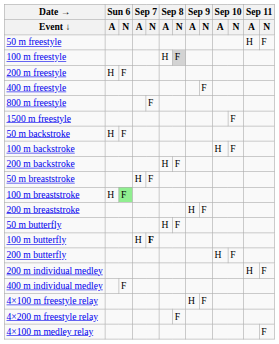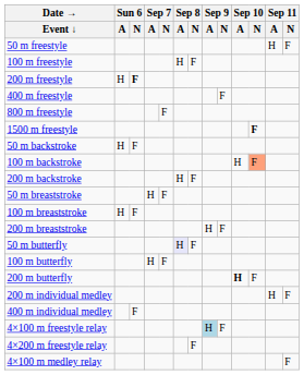 <table class="wikitable swimming-schedule">
 <tr>
 <th>Date →</th>
 <th colspan="2">Sun 6</th>
 <th colspan="2">Sep 7</th>
 <th colspan="2">Sep 8</th>
 <th colspan="2">Sep 9</th>
 <th colspan="2">Sep 10</th>
 <th colspan="2">Sep 11</th>
 </tr>
 <tr>
 <th>Event   ↓</th>
 <th>A</th>
 <th>N</th>
 <th>A</th>
 <th>N</th>
 <th>A</th>
 <th>N</th>
 <th>A</th>
 <th>N</th>
 <th>A</th>
 <th>N</th>
 <th>A</th>
 <th>N</th>
 </tr>
 <tr>
 <td class="event"><a href='#'>50 m freestyle</a></td>
 <td colspan=2></td>
 <td colspan=2></td>
 <td colspan=2></td>
 <td colspan=2></td>
 <td colspan=2></td>
 <td class="heats">H</td>
 <td class="final">F</td>
 </tr>
 <tr>
 <td class="event"><a href='#'>100 m freestyle</a></td>
 <td colspan=2></td>
 <td colspan=2></td>
 <td class="heats">H</td>
-<td class="final" style="background: lightgrey;">F</td>
+<td class="final">F</td>
 <td colspan=2></td>
 <td colspan=2></td>
 <td colspan=2></td>
 </tr>
 <tr>
 <td class="event"><a href='#'>200 m freestyle</a></td>
 <td class="heats">H</td>
-<td class="final">F</td>
+<td class="final"><strong>F</strong></td>
 <td colspan=2></td>
 <td colspan=2></td>
 <td colspan=2></td>
 <td colspan=2></td>
 <td colspan=2></td>
 </tr>
 <tr>
 <td class="event"><a href='#'>400 m freestyle</a></td>
 <td colspan=2></td>
 <td colspan=2></td>
 <td colspan=2></td>
 <td></td>
 <td class="final">F</td>
 <td colspan=2></td>
 <td colspan=2></td>
 </tr>
 <tr>
 <td class="event"><a href='#'>800 m freestyle</a></td>
 <td colspan=2></td>
 <td></td>
 <td class="final">F</td>
 <td colspan=2></td>
 <td colspan=2></td>
 <td colspan=2></td>
 <td colspan=2></td>
 </tr>
 <tr>
 <td class="event"><a href='#'>1500 m freestyle</a></td>
 <td colspan=2></td>
 <td colspan=2></td>
 <td colspan=2></td>
 <td colspan=2></td>
 <td></td>
-<td class="final">F</td>
+<td class="final"><strong>F</strong></td>
 <td colspan=2></td>
 </tr>
 <tr>
 <td class="event"><a href='#'>50 m backstroke</a></td>
 <td class="heats">H</td>
 <td class="final">F</td>
 <td colspan=2></td>
 <td colspan=2></td>
 <td colspan=2></td>
 <td colspan=2></td>
 <td colspan=2></td>
 </tr>
 <tr>
 <td class="event"><a href='#'>100 m backstroke</a></td>
 <td colspan=2></td>
 <td colspan=2></td>
 <td colspan=2></td>
 <td colspan=2></td>
 <td class="heats">H</td>
-<td class="final">F</td>
+<td class="final" style="background: lightsalmon;">F</td>
 <td colspan=2></td>
 </tr>
 <tr>
 <td class="event"><a href='#'>200 m backstroke</a></td>
 <td colspan=2></td>
 <td colspan=2></td>
 <td class="heats">H</td>
 <td class="final">F</td>
 <td colspan=2></td>
 <td colspan=2></td>
 <td colspan=2></td>
 </tr>
 <tr>
 <td class="event"><a href='#'>50 m breaststroke</a></td>
 <td colspan=2></td>
 <td class="heats">H</td>
 <td class="final">F</td>
 <td colspan=2></td>
 <td colspan=2></td>
 <td colspan=2></td>
 <td colspan=2></td>
 </tr>
 <tr>
 <td class="event"><a href='#'>100 m breaststroke</a></td>
 <td class="heats">H</td>
-<td class="final" style="background: lightgreen;">F</td>
+<td class="final">F</td>
 <td colspan=2></td>
 <td colspan=2></td>
 <td colspan=2></td>
 <td colspan=2></td>
 <td colspan=2></td>
 </tr>
 <tr>
 <td class="event"><a href='#'>200 m breaststroke</a></td>
 <td colspan=2></td>
 <td colspan=2></td>
 <td colspan=2></td>
 <td class="heats">H</td>
 <td class="final">F</td>
 <td colspan=2></td>
 <td colspan=2></td>
 </tr>
 <tr>
 <td class="event"><a href='#'>50 m butterfly</a></td>
 <td colspan=2></td>
 <td colspan=2></td>
-<td class="heats">H</td>
+<td class="heats" style="background: lavender;">H</td>
 <td class="final">F</td>
 <td colspan=2></td>
 <td colspan=2></td>
 <td colspan=2></td>
 </tr>
 <tr>
 <td class="event"><a href='#'>100 m butterfly</a></td>
 <td colspan=2></td>
 <td class="heats">H</td>
-<td class="final"><strong>F</strong></td>
+<td class="final">F</td>
 <td colspan=2></td>
 <td colspan=2></td>
 <td colspan=2></td>
 <td colspan=2></td>
 </tr>
 <tr>
 <td class="event"><a href='#'>200 m butterfly</a></td>
 <td colspan=2></td>
 <td colspan=2></td>
 <td colspan=2></td>
 <td colspan=2></td>
-<td class="heats">H</td>
+<td class="heats"><strong>H</strong></td>
 <td class="final">F</td>
 <td colspan=2></td>
 </tr>
 <tr>
 <td class="event"><a href='#'>200 m individual medley</a></td>
 <td colspan=2></td>
 <td colspan=2></td>
 <td colspan=2></td>
 <td colspan=2></td>
 <td colspan=2></td>
 <td class="heats">H</td>
 <td class="final">F</td>
 </tr>
 <tr>
 <td class="event"><a href='#'>400 m individual medley</a></td>
 <td></td>
 <td class="final">F</td>
 <td colspan=2></td>
 <td colspan=2></td>
 <td colspan=2></td>
 <td colspan=2></td>
 <td colspan=2></td>
 </tr>
 <tr>
 <td class="event"><a href='#'>4×100 m freestyle relay</a></td>
 <td colspan=2></td>
 <td colspan=2></td>
 <td colspan=2></td>
-<td class="heats">H</td>
+<td class="heats" style="background: lightblue;">H</td>
 <td class="final">F</td>
 <td colspan=2></td>
 <td colspan=2></td>
 </tr>
 <tr>
 <td class="event"><a href='#'>4×200 m freestyle relay</a></td>
 <td colspan=2></td>
 <td colspan=2></td>
 <td></td>
 <td class="final">F</td>
 <td colspan=2></td>
 <td colspan=2></td>
 <td colspan=2></td>
 </tr>
 <tr>
 <td class="event"><a href='#'>4×100 m medley relay</a></td>
 <td colspan=2></td>
 <td colspan=2></td>
 <td colspan=2></td>
 <td colspan=2></td>
 <td colspan=2></td>
 <td></td>
 <td class="final">F</td>
 </tr>
 </table>
